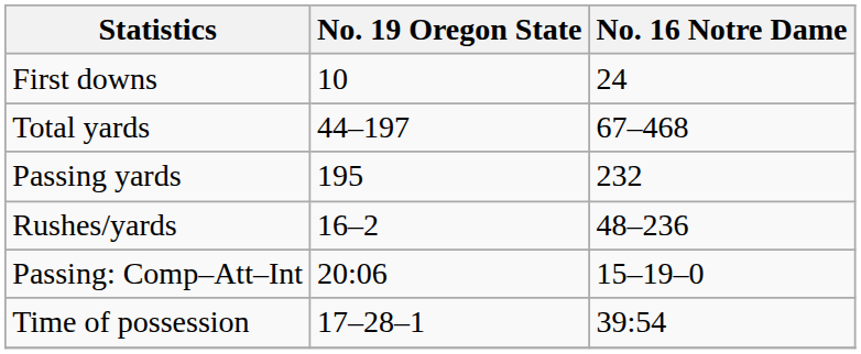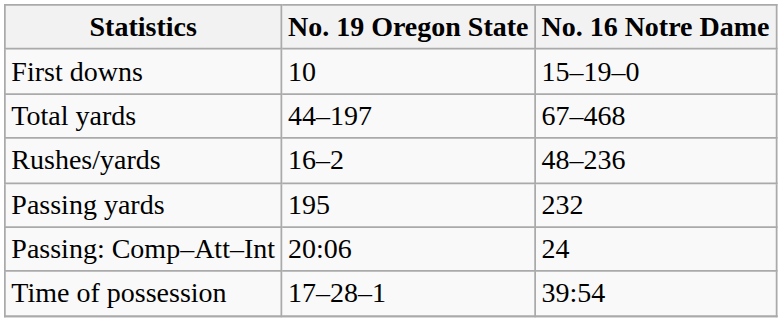 <table class="wikitable" style="float: left;">
 <tr>
 <th>Statistics</th>
 <th>No. 19 Oregon State</th>
 <th>No. 16 Notre Dame</th>
 </tr>
 <tr>
 <td>First downs</td>
 <td>10</td>
-<td>24</td>
+<td>15–19–0</td>
 </tr>
 <tr>
 <td>Total yards</td>
 <td>44–197</td>
 <td>67–468</td>
 </tr>
 <tr>
+<td>Rushes/yards</td>
+<td>16–2</td>
+<td>48–236</td>
+</tr>
+<tr>
 <td>Passing yards</td>
 <td>195</td>
 <td>232</td>
 </tr>
 <tr>
-<td>Rushes/yards</td>
-<td>16–2</td>
-<td>48–236</td>
-</tr>
-<tr>
 <td>Passing: Comp–Att–Int</td>
 <td>20:06</td>
-<td>15–19–0</td>
+<td>24</td>
 </tr>
 <tr>
 <td>Time of possession</td>
 <td>17–28–1</td>
 <td>39:54</td>
 </tr>
 <tr>
 </tr>
 </table>
